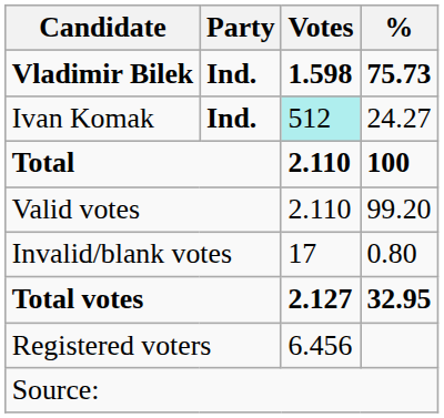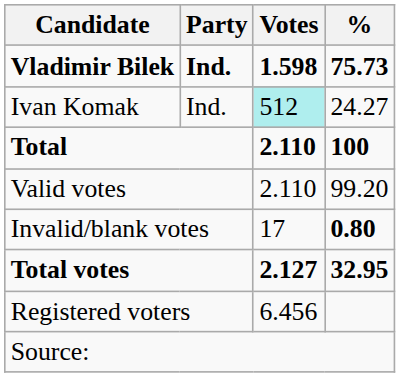 <table class="wikitable" style="text-align: left;">
 <tr>
 <th>Candidate</th>
 <th>Party</th>
 <th>Votes</th>
 <th>%</th>
 </tr>
 <tr>
 <td><strong>Vladimir Bilek</strong></td>
 <td><strong>Ind.</strong></td>
 <td><strong>1.598</strong></td>
 <td><strong>75.73</strong></td>
 </tr>
 <tr>
 <td>Ivan Komak</td>
-<td><strong>Ind.</strong></td>
+<td>Ind.</td>
 <td style="background: paleturquoise;">512</td>
 <td>24.27</td>
 </tr>
 <tr>
 <td colspan="2"><strong>Total</strong></td>
 <td><strong>2.110</strong></td>
 <td><strong>100</strong></td>
 </tr>
 <tr>
 <td colspan="2">Valid votes</td>
 <td>2.110</td>
 <td>99.20</td>
 </tr>
 <tr>
 <td colspan="2">Invalid/blank votes</td>
 <td>17</td>
-<td>0.80</td>
+<td><strong>0.80</strong></td>
 </tr>
 <tr>
 <td colspan="2"><strong>Total votes</strong></td>
 <td><strong>2.127</strong></td>
 <td><strong>32.95</strong></td>
 </tr>
 <tr>
 <td colspan="2">Registered voters</td>
 <td>6.456</td>
 <td></td>
 </tr>
 <tr>
 <td colspan="4">Source: </td>
 </tr>
 </table>
